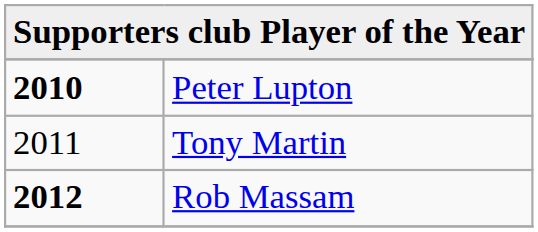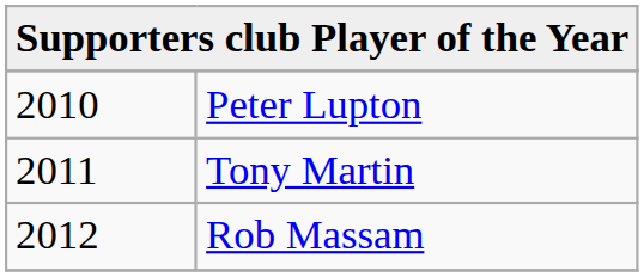 <table class="wikitable">
 <tr>
 <th style="background:#efefef;" colspan="14">Supporters club Player of the Year</th>
 </tr>
 <tr style="background:#efefef;">
 </tr>
 <tr>
-<td><strong>2010</strong></td>
+<td>2010</td>
 <td><a href='#'>Peter Lupton</a></td>
 </tr>
 <tr>
 <td>2011</td>
 <td><a href='#'>Tony Martin</a></td>
 </tr>
 <tr>
-<td><strong>2012</strong></td>
+<td>2012</td>
 <td><a href='#'>Rob Massam</a></td>
 </tr>
 <tr>
 </tr>
 </table>
